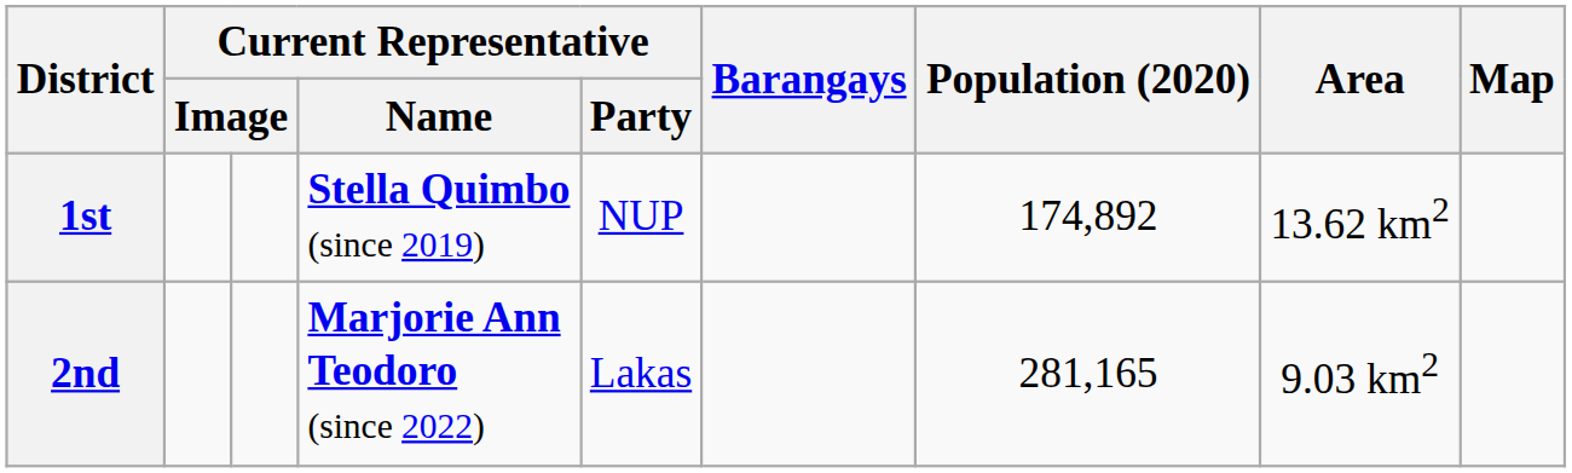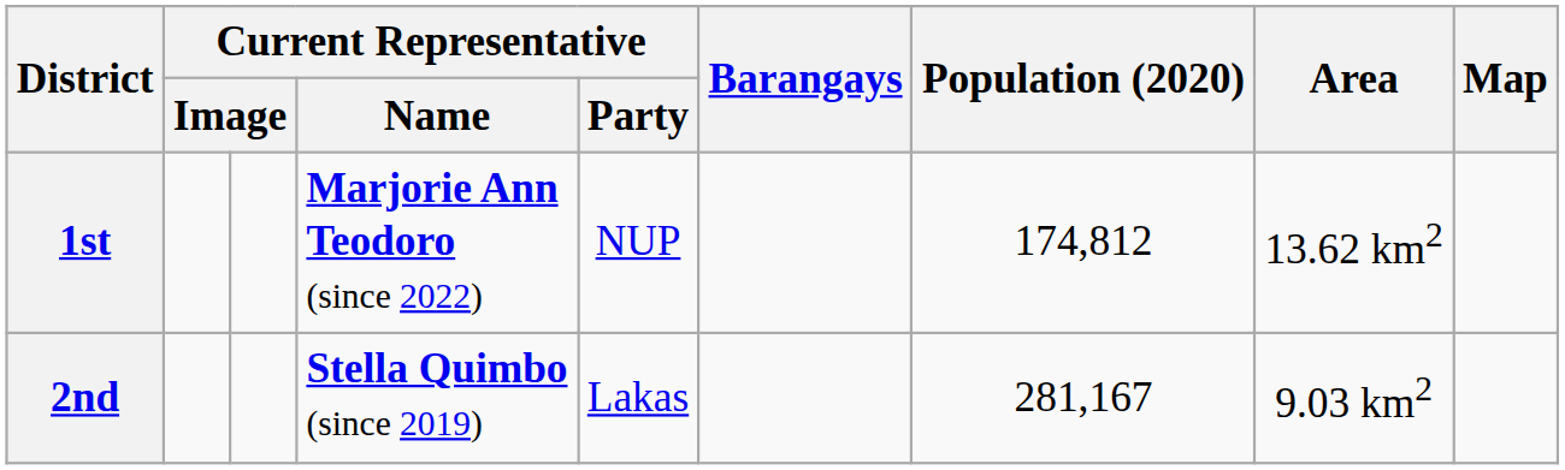 <table class="wikitable sortable" style="margin: 1em auto; font-size:100%; line-height:20px; text-align:center">
 <tr>
 <th rowspan="2">District</th>
 <th colspan="4">Current Representative</th>
 <th rowspan="2"><a href='#'>Barangays</a></th>
 <th rowspan="2">Population (2020)</th>
 <th rowspan="2">Area</th>
 <th rowspan="2">Map</th>
 </tr>
 <tr>
 <th colspan="2">Image</th>
 <th>Name</th>
 <th>Party</th>
 </tr>
 <tr>
 <th><a href='#'>1st</a></th>
 <td style="background:"></td>
 <td></td>
-<td style="text-align:left;"><strong><a href='#'>Stella Quimbo</a></strong><br><small>(since <a href='#'>2019</a>)</small></td>
+<td style="text-align:left;"><strong><a href='#'>Marjorie Ann<br>Teodoro</a></strong><br><small>(since <a href='#'>2022</a>)</small></td>
 <td><a href='#'>NUP</a></td>
 <td></td>
-<td>174,892</td>
+<td>174,812</td>
 <td>13.62 km<sup>2</sup></td>
 <td></td>
 </tr>
 <tr>
 <th><a href='#'>2nd</a></th>
 <td style="background:"></td>
 <td></td>
-<td style="text-align:left;"><strong><a href='#'>Marjorie Ann<br>Teodoro</a></strong><br><small>(since <a href='#'>2022</a>)</small></td>
+<td style="text-align:left;"><strong><a href='#'>Stella Quimbo</a></strong><br><small>(since <a href='#'>2019</a>)</small></td>
 <td><a href='#'>Lakas</a></td>
 <td></td>
-<td>281,165</td>
+<td>281,167</td>
 <td>9.03 km<sup>2</sup></td>
 <td></td>
 </tr>
 </table>
